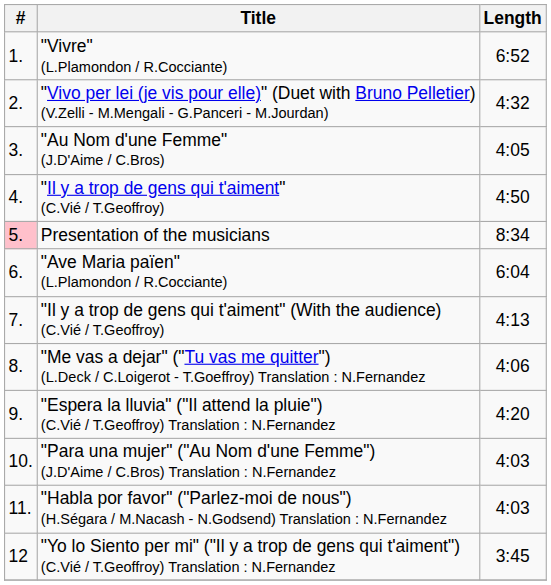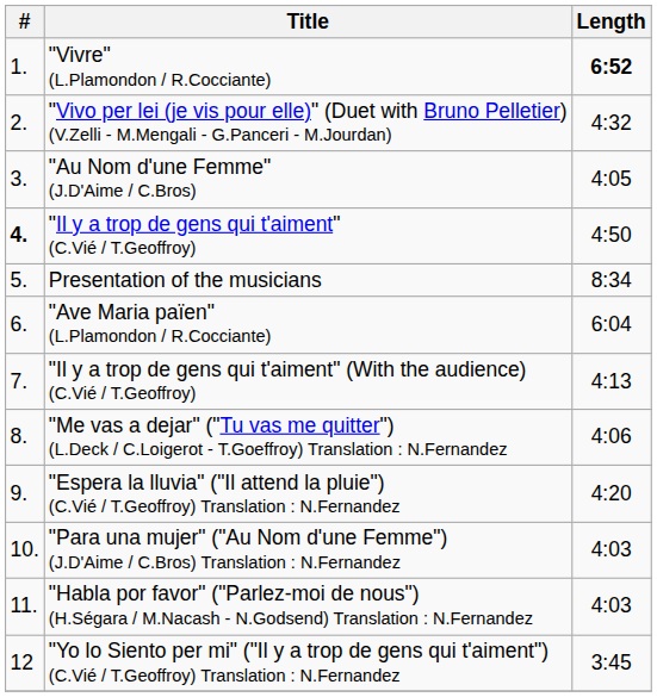 <table class="wikitable" size=80%>
 <tr>
 <th>#</th>
 <th>Title</th>
 <th>Length</th>
 </tr>
 <tr>
 <td>1.</td>
 <td>"Vivre" <br><small>(L.Plamondon / R.Cocciante)</small></td>
-<td style="text-align:center;">6:52</td>
+<td style="text-align:center;"><strong>6:52</strong></td>
 </tr>
 <tr>
 <td>2.</td>
 <td>"<a href='#'>Vivo per lei (je vis pour elle)</a>" (Duet with <a href='#'>Bruno Pelletier</a>) <br><small>(V.Zelli - M.Mengali - G.Panceri - M.Jourdan)</small></td>
 <td style="text-align:center;">4:32</td>
 </tr>
 <tr>
 <td>3.</td>
 <td>"Au Nom d'une Femme" <br><small>(J.D'Aime / C.Bros)</small></td>
 <td style="text-align:center;">4:05</td>
 </tr>
 <tr>
-<td>4.</td>
+<td><strong>4.</strong></td>
 <td>"<a href='#'>Il y a trop de gens qui t'aiment</a>" <br><small>(C.Vié / T.Geoffroy)</small></td>
 <td style="text-align:center;">4:50</td>
 </tr>
 <tr>
-<td style="background: pink;">5.</td>
+<td>5.</td>
 <td>Presentation of the musicians <br></td>
 <td style="text-align:center;">8:34</td>
 </tr>
 <tr>
 <td>6.</td>
 <td>"Ave Maria païen" <br><small>(L.Plamondon / R.Cocciante)</small></td>
 <td style="text-align:center;">6:04</td>
 </tr>
 <tr>
 <td>7.</td>
 <td>"Il y a trop de gens qui t'aiment" (With the audience) <br><small>(C.Vié / T.Geoffroy)</small></td>
 <td style="text-align:center;">4:13</td>
 </tr>
 <tr>
 <td>8.</td>
 <td>"Me vas a dejar" ("<a href='#'>Tu vas me quitter</a>") <br><small>(L.Deck / C.Loigerot - T.Goeffroy) Translation : N.Fernandez</small></td>
 <td style="text-align:center;">4:06</td>
 </tr>
 <tr>
 <td>9.</td>
 <td>"Espera la lluvia" ("Il attend la pluie") <br><small>(C.Vié / T.Geoffroy) Translation : N.Fernandez </small></td>
 <td style="text-align:center;">4:20</td>
 </tr>
 <tr>
 <td>10.</td>
 <td>"Para una mujer" ("Au Nom d'une Femme") <br><small>(J.D'Aime / C.Bros) Translation : N.Fernandez</small></td>
 <td style="text-align:center;">4:03</td>
 </tr>
 <tr>
 <td>11.</td>
 <td>"Habla por favor" ("Parlez-moi de nous") <br><small>(H.Ségara / M.Nacash - N.Godsend) Translation : N.Fernandez</small></td>
 <td style="text-align:center;">4:03</td>
 </tr>
 <tr>
 <td>12</td>
 <td>"Yo lo Siento per mi" ("Il y a trop de gens qui t'aiment") <br><small>(C.Vié / T.Geoffroy) Translation : N.Fernandez</small></td>
 <td style="text-align:center;">3:45</td>
 </tr>
 <tr>
 </tr>
 </table>
